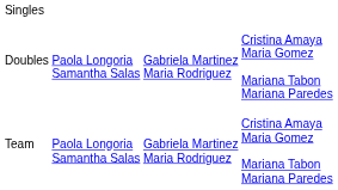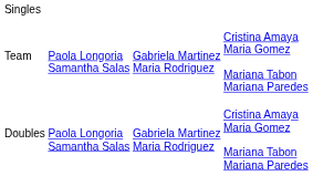 <table>
 <tr>
 <td>Singles</td>
 <td></td>
 <td></td>
 <td><br></td>
 </tr>
 <tr>
-<td>Doubles</td>
+<td>Team</td>
 <td><br><a href='#'>Paola Longoria</a><br><a href='#'>Samantha Salas</a></td>
 <td><br><a href='#'>Gabriela Martinez</a><br><a href='#'>Maria Rodriguez</a></td>
 <td><br><a href='#'>Cristina Amaya</a><br><a href='#'>Maria Gomez</a><br><br><a href='#'>Mariana Tabon</a><br><a href='#'>Mariana Paredes</a></td>
 </tr>
 <tr>
-<td>Team</td>
+<td>Doubles</td>
 <td><br><a href='#'>Paola Longoria</a><br><a href='#'>Samantha Salas</a></td>
 <td><br><a href='#'>Gabriela Martinez</a><br><a href='#'>Maria Rodriguez</a></td>
 <td><br><a href='#'>Cristina Amaya</a><br><a href='#'>Maria Gomez</a><br><br><a href='#'>Mariana Tabon</a><br><a href='#'>Mariana Paredes</a></td>
 </tr>
 <tr>
 </tr>
 </table>
